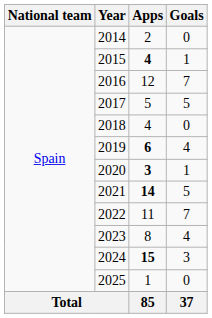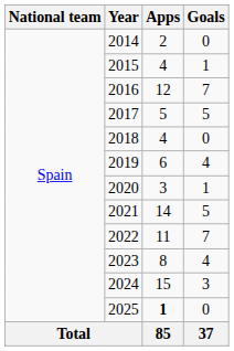 <table class=wikitable style=text-align:center>
 <tr>
 <th>National team</th>
 <th>Year</th>
 <th>Apps</th>
 <th>Goals</th>
 </tr>
 <tr>
 <td rowspan=12 style="vertical-align:center"><a href='#'>Spain</a></td>
 <td>2014</td>
 <td>2</td>
 <td>0</td>
 </tr>
 <tr>
 <td>2015</td>
-<td><strong>4</strong></td>
+<td>4</td>
 <td>1</td>
 </tr>
 <tr>
 <td>2016</td>
 <td>12</td>
 <td>7</td>
 </tr>
 <tr>
 <td>2017</td>
 <td>5</td>
 <td>5</td>
 </tr>
 <tr>
 <td>2018</td>
 <td>4</td>
 <td>0</td>
 </tr>
 <tr>
 <td>2019</td>
-<td><strong>6</strong></td>
+<td>6</td>
 <td>4</td>
 </tr>
 <tr>
 <td>2020</td>
-<td><strong>3</strong></td>
+<td>3</td>
 <td>1</td>
 </tr>
 <tr>
 <td>2021</td>
-<td><strong>14</strong></td>
+<td>14</td>
 <td>5</td>
 </tr>
 <tr>
 <td>2022</td>
 <td>11</td>
 <td>7</td>
 </tr>
 <tr>
 <td>2023</td>
 <td>8</td>
 <td>4</td>
 </tr>
 <tr>
 <td>2024</td>
-<td><strong>15</strong></td>
+<td>15</td>
 <td>3</td>
 </tr>
 <tr>
 <td>2025</td>
-<td>1</td>
+<td><strong>1</strong></td>
 <td>0</td>
 </tr>
 <tr>
 <th colspan=2>Total</th>
 <th>85</th>
 <th>37</th>
 </tr>
 </table>
